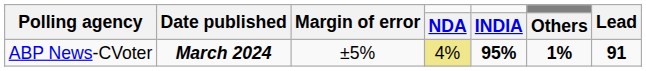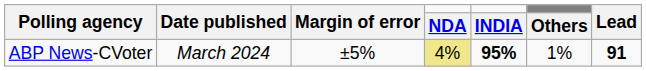 <table class="wikitable sortable" style="text-align:center;font-size:95%;line-height:16px">
 <tr>
 <th rowspan="2">Polling agency</th>
 <th rowspan="2">Date published</th>
 <th rowspan="2">Margin of error</th>
 <td bgcolor=></td>
 <td bgcolor=></td>
 <td bgcolor=grey></td>
 <th rowspan="2">Lead</th>
 </tr>
 <tr>
 <th><a href='#'>NDA</a></th>
 <th><a href='#'>INDIA</a></th>
 <th>Others</th>
 </tr>
 <tr>
 <td><a href='#'>ABP News</a>-CVoter</td>
-<td><strong><em>March 2024</em></strong></td>
+<td><em>March 2024</em></td>
 <td>±5%</td>
 <td style="background: khaki;">4%</td>
 <td bgcolor=><strong>95%</strong></td>
-<td><strong>1%</strong></td>
+<td>1%</td>
 <td bgcolor=><strong>91</strong></td>
 </tr>
 </table>
